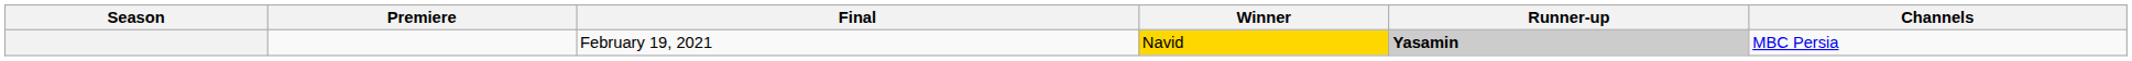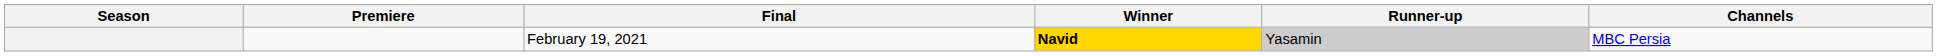 <table class="wikitable"  style="font-size:85%; width:90%;">
 <tr>
 <th scope="col">Season</th>
 <th scope="col">Premiere</th>
 <th scope="col">Final</th>
 <th scope="col">Winner</th>
 <th scope="col">Runner-up</th>
 <th scope="col">Channels</th>
 </tr>
 <tr>
 <th scope="row"></th>
 <td></td>
 <td>February 19, 2021</td>
-<td style="background:gold;">Navid</td>
-<td style="background:#ccc;"><strong>Yasamin</strong></td>
+<td style="background:gold;"><strong>Navid</strong></td>
+<td style="background:#ccc;">Yasamin</td>
 <td style="background:#White" rowspan="5"><a href='#'>MBC Persia</a></td>
 </tr>
 </table>
